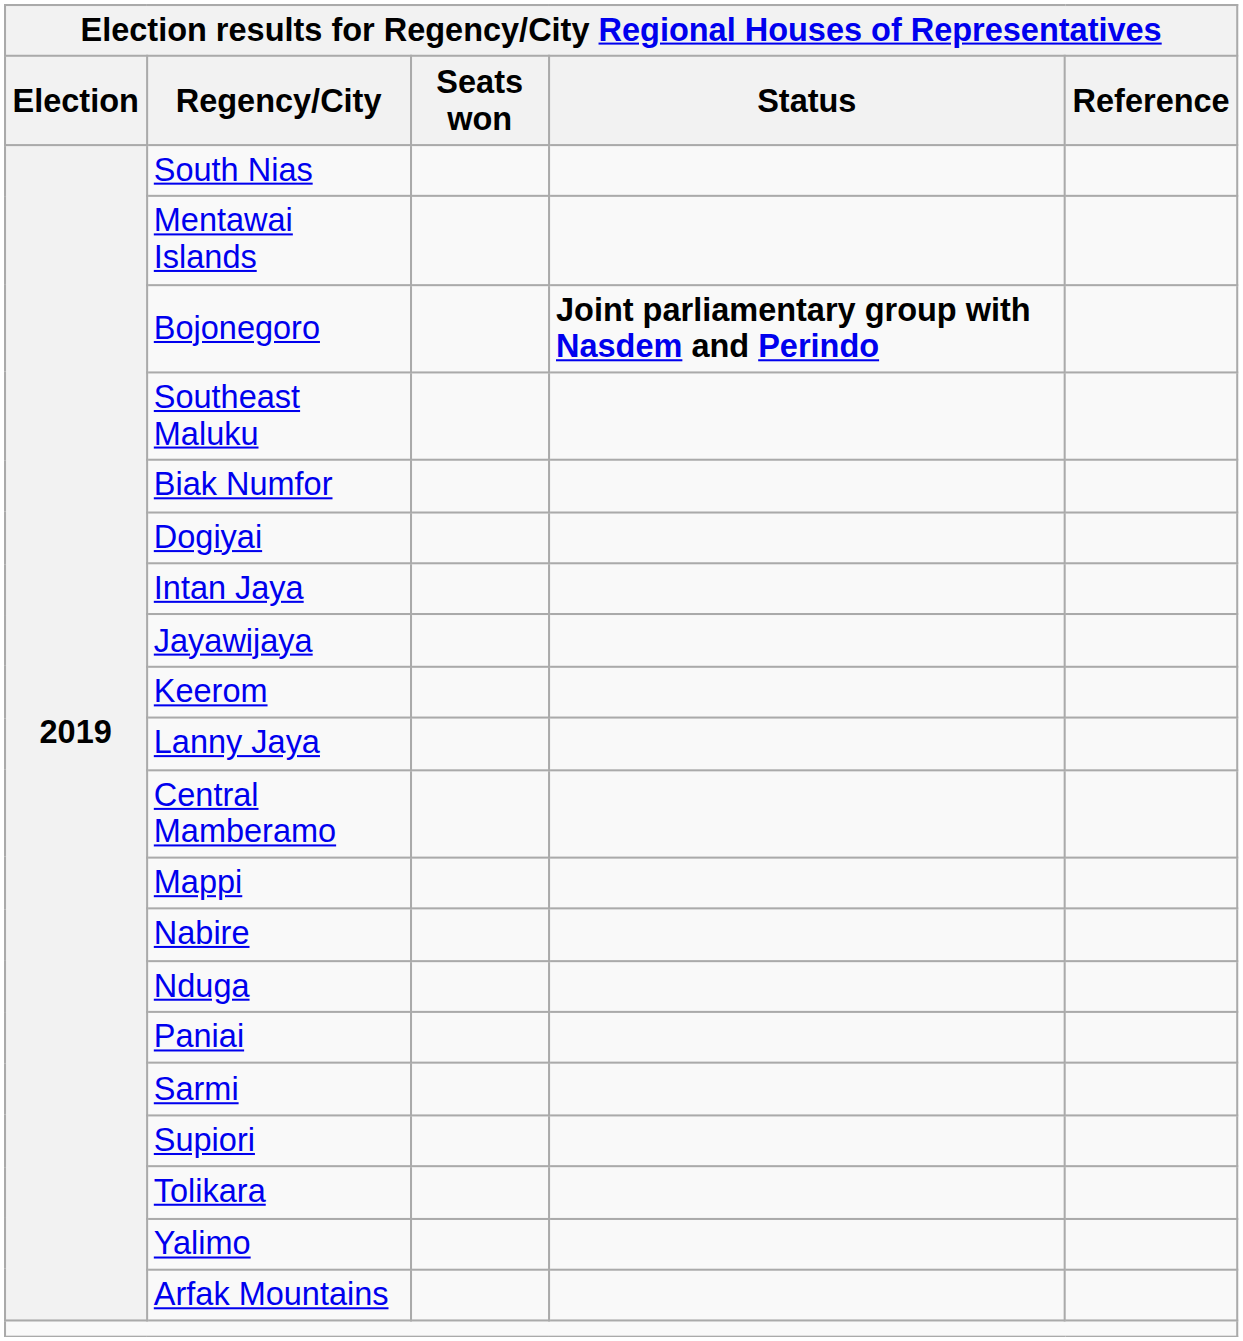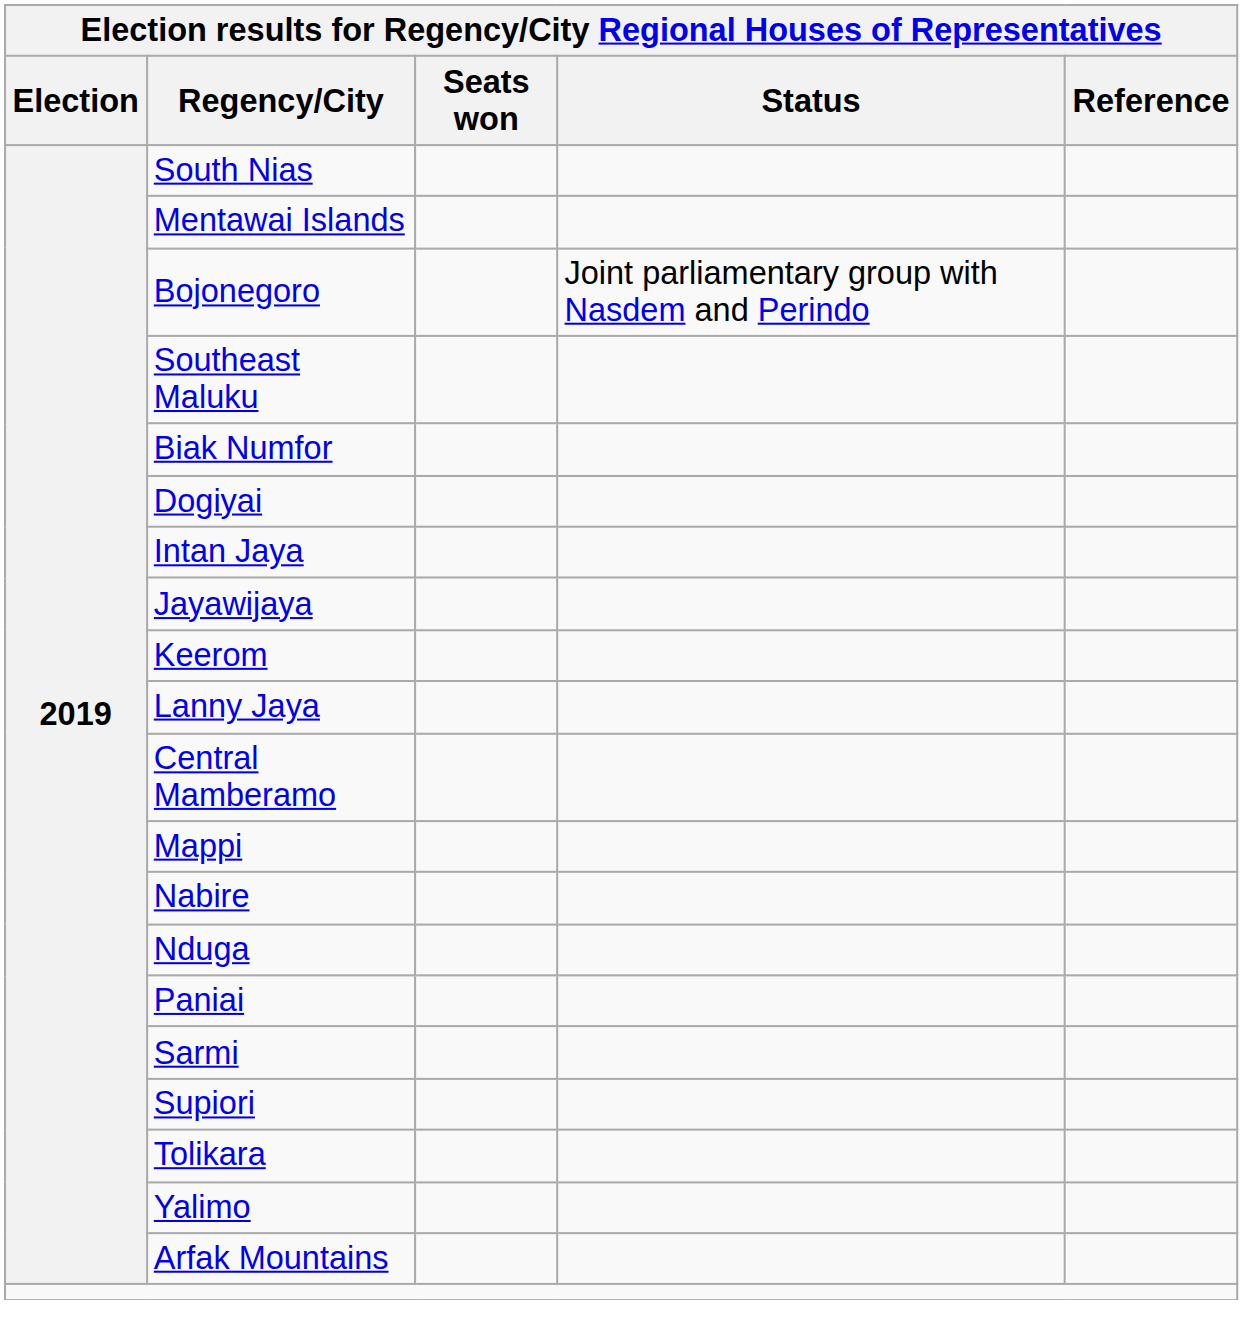 <table class="wikitable mw-collapsible mw-collapsed">
 <tr>
 <th colspan=7>Election results for Regency/City <a href='#'>Regional Houses of Representatives</a></th>
 </tr>
 <tr>
 <th>Election</th>
 <th>Regency/City</th>
 <th>Seats won</th>
 <th>Status</th>
 <th>Reference</th>
 </tr>
 <tr>
 <th rowspan=20>2019</th>
 <td><a href='#'>South Nias</a></td>
 <td></td>
 <td></td>
 <td></td>
 </tr>
 <tr>
 <td><a href='#'>Mentawai Islands</a></td>
 <td></td>
 <td></td>
 <td></td>
 </tr>
 <tr>
 <td><a href='#'>Bojonegoro</a></td>
 <td></td>
-<td><strong>Joint parliamentary group with <a href='#'>Nasdem</a> and <a href='#'>Perindo</a></strong></td>
+<td>Joint parliamentary group with <a href='#'>Nasdem</a> and <a href='#'>Perindo</a></td>
 <td></td>
 </tr>
 <tr>
 <td><a href='#'>Southeast Maluku</a></td>
 <td></td>
 <td></td>
 <td></td>
 </tr>
 <tr>
 <td><a href='#'>Biak Numfor</a></td>
 <td></td>
 <td></td>
 <td></td>
 </tr>
 <tr>
 <td><a href='#'>Dogiyai</a></td>
 <td></td>
 <td></td>
 <td></td>
 </tr>
 <tr>
 <td><a href='#'>Intan Jaya</a></td>
 <td></td>
 <td></td>
 <td></td>
 </tr>
 <tr>
 <td><a href='#'>Jayawijaya</a></td>
 <td></td>
 <td></td>
 <td></td>
 </tr>
 <tr>
 <td><a href='#'>Keerom</a></td>
 <td></td>
 <td></td>
 <td></td>
 </tr>
 <tr>
 <td><a href='#'>Lanny Jaya</a></td>
 <td></td>
 <td></td>
 <td></td>
 </tr>
 <tr>
 <td><a href='#'>Central Mamberamo</a></td>
 <td></td>
 <td></td>
 <td></td>
 </tr>
 <tr>
 <td><a href='#'>Mappi</a></td>
 <td></td>
 <td></td>
 <td></td>
 </tr>
 <tr>
 <td><a href='#'>Nabire</a></td>
 <td></td>
 <td></td>
 <td></td>
 </tr>
 <tr>
 <td><a href='#'>Nduga</a></td>
 <td></td>
 <td></td>
 <td></td>
 </tr>
 <tr>
 <td><a href='#'>Paniai</a></td>
 <td></td>
 <td></td>
 <td></td>
 </tr>
 <tr>
 <td><a href='#'>Sarmi</a></td>
 <td></td>
 <td></td>
 <td></td>
 </tr>
 <tr>
 <td><a href='#'>Supiori</a></td>
 <td></td>
 <td></td>
 <td></td>
 </tr>
 <tr>
 <td><a href='#'>Tolikara</a></td>
 <td></td>
 <td></td>
 <td></td>
 </tr>
 <tr>
 <td><a href='#'>Yalimo</a></td>
 <td></td>
 <td></td>
 <td></td>
 </tr>
 <tr>
 <td><a href='#'>Arfak Mountains</a></td>
 <td></td>
 <td></td>
 <td></td>
 </tr>
 <tr>
 <td colspan=7></td>
 </tr>
 </table>
